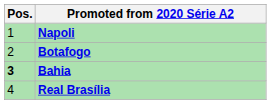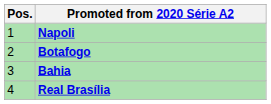 <table class="wikitable">
 <tr>
 <th style="text-align:center;">Pos.</th>
 <th width=300>Promoted from <a href='#'>2020 Série A2</a></th>
 </tr>
 <tr style="background: #ACE1AF;">
 <td>1</td>
 <td><strong><a href='#'>Napoli</a></strong></td>
 </tr>
 <tr style="background: #ACE1AF;">
 <td>2</td>
 <td><strong><a href='#'>Botafogo</a></strong></td>
 </tr>
 <tr style="background: #ACE1AF;">
-<td><strong>3</strong></td>
+<td>3</td>
 <td><strong><a href='#'>Bahia</a></strong></td>
 </tr>
 <tr style="background: #ACE1AF;">
 <td>4</td>
 <td><strong><a href='#'>Real Brasília</a></strong></td>
 </tr>
 </table>
